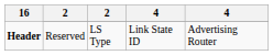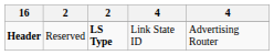 <table class="wikitable  floatright mw-collapsible mw-collapsed" style="width: 400px;">
 <tr>
 <th>16</th>
 <th>2</th>
 <th>2</th>
 <th>4</th>
 <th>4</th>
 </tr>
 <tr>
 <td rowspan="2" colspan="1"><strong>Header</strong></td>
 </tr>
 <tr>
 <td>Reserved</td>
-<td>LS Type</td>
+<td><strong>LS Type</strong></td>
 <td>Link State ID</td>
 <td>Advertising Router</td>
 </tr>
 </table>
